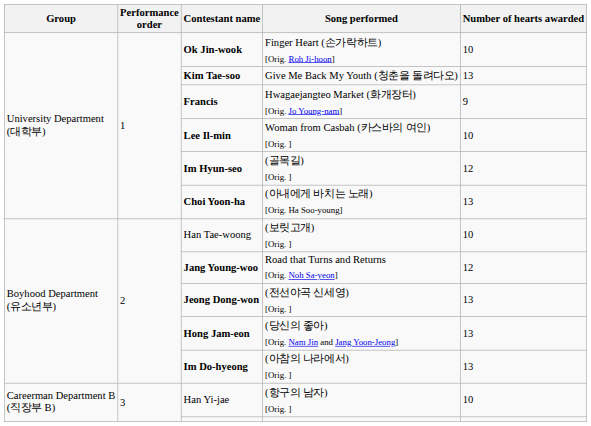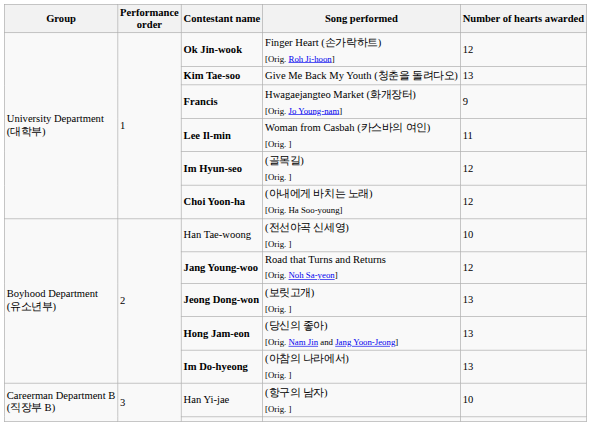 <table class="wikitable">
 <tr>
 <th>Group</th>
 <th>Performance<br>order</th>
 <th>Contestant name</th>
 <th>Song performed</th>
 <th>Number of hearts awarded</th>
 </tr>
 <tr>
 <td rowspan=6>University Department<br>(대학부)</td>
 <td rowspan=6>1</td>
 <td><strong>Ok Jin-wook</strong></td>
 <td>Finger Heart (손가락하트)<br><sub>[Orig. <a href='#'>Roh Ji-hoon</a>]</sub></td>
-<td>10</td>
+<td>12</td>
 </tr>
 <tr>
 <td><strong>Kim Tae-soo</strong></td>
 <td>Give Me Back My Youth (청춘을 돌려다오)</td>
 <td>13</td>
 </tr>
 <tr>
 <td><strong>Francis</strong></td>
 <td>Hwagaejangteo Market (화개장터)<br><sub>[Orig. <a href='#'>Jo Young-nam</a>]</sub></td>
 <td>9</td>
 </tr>
 <tr>
 <td><strong>Lee Il-min</strong></td>
 <td>Woman from Casbah (카스바의 여인)<br><sub>[Orig. ]</sub></td>
-<td>10</td>
+<td>11</td>
 </tr>
 <tr>
 <td><strong>Im Hyun-seo</strong></td>
 <td>(골목길)<br><sub>[Orig. ]</sub></td>
 <td>12</td>
 </tr>
 <tr>
 <td><strong>Choi Yoon-ha</strong></td>
 <td>(아내에게 바치는 노래)<br><sub>[Orig. Ha Soo-young]</sub></td>
-<td>13</td>
+<td>12</td>
 </tr>
 <tr>
 <td rowspan=5>Boyhood Department<br>(유소년부)</td>
 <td rowspan=5>2</td>
 <td>Han Tae-woong</td>
-<td>(보릿고개)<br><sub>[Orig. ]</sub></td>
+<td>(전선야곡 신세영)<br><sub>[Orig. ]</sub></td>
 <td>10</td>
 </tr>
 <tr>
 <td><strong>Jang Young-woo</strong></td>
 <td>Road that Turns and Returns<br><sub>[Orig. <a href='#'>Noh Sa-yeon</a>]</sub></td>
 <td>12</td>
 </tr>
 <tr>
 <td><strong>Jeong Dong-won</strong></td>
-<td>(전선야곡 신세영)<br><sub>[Orig. ]</sub></td>
+<td>(보릿고개)<br><sub>[Orig. ]</sub></td>
 <td>13</td>
 </tr>
 <tr>
 <td><strong>Hong Jam-eon</strong></td>
 <td>(당신의 좋아)<br><sub>[Orig. <a href='#'>Nam Jin</a> and <a href='#'>Jang Yoon-Jeong</a>]</sub></td>
 <td>13</td>
 </tr>
 <tr>
 <td><strong>Im Do-hyeong</strong></td>
 <td>(아참의 나라에서)<br><sub>[Orig. ]</sub></td>
 <td>13</td>
 </tr>
 <tr>
 <td rowspan=2>Careerman Department B<br>(직장부 B)</td>
 <td rowspan=2>3</td>
 <td>Han Yi-jae</td>
 <td>(항구의 남자)<br><sub>[Orig. ]</sub></td>
 <td>10</td>
 </tr>
 <tr>
 <td></td>
 <td></td>
 <td></td>
 </tr>
 </table>
